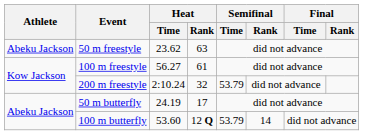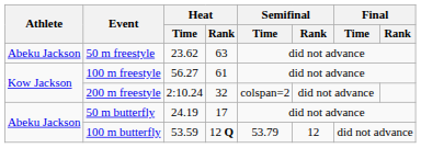 <table class=wikitable style=font-size:90%>
 <tr>
 <th rowspan=2>Athlete</th>
 <th rowspan=2>Event</th>
 <th colspan=2>Heat</th>
 <th colspan=2>Semifinal</th>
 <th colspan=2>Final</th>
 </tr>
 <tr style=font-size:95%>
 <th>Time</th>
 <th>Rank</th>
 <th>Time</th>
 <th>Rank</th>
 <th>Time</th>
 <th>Rank</th>
 </tr>
 <tr align=center>
 <td align=left><a href='#'>Abeku Jackson</a></td>
 <td align=left rowspan="1"><a href='#'>50 m freestyle</a></td>
 <td>23.62</td>
 <td>63</td>
 <td colspan=4>did not advance</td>
 </tr>
 <tr align=center>
 <td align=left rowspan=2><a href='#'>Kow Jackson</a></td>
 <td align=left rowspan="1"><a href='#'>100 m freestyle</a></td>
 <td>56.27</td>
 <td>61</td>
 <td colspan=4>did not advance</td>
 </tr>
 <tr align=center>
 <td align=left rowspan="1"><a href='#'>200 m freestyle</a></td>
 <td>2:10.24</td>
 <td>32</td>
-<td>53.79</td>
+<td>colspan=2 </td>
 <td colspan=2>did not advance</td>
 </tr>
 <tr align=center>
 <td align=left rowspan=2><a href='#'>Abeku Jackson</a></td>
 <td align=left rowspan="1"><a href='#'>50 m butterfly</a></td>
 <td>24.19</td>
 <td>17</td>
 <td colspan=4>did not advance</td>
 </tr>
 <tr align=center>
 <td align=left rowspan="1"><a href='#'>100 m butterfly</a></td>
-<td>53.60</td>
+<td>53.59</td>
 <td>12 <strong>Q</strong></td>
 <td>53.79</td>
-<td>14</td>
+<td>12</td>
 <td colspan=2>did not advance</td>
 </tr>
 </table>
